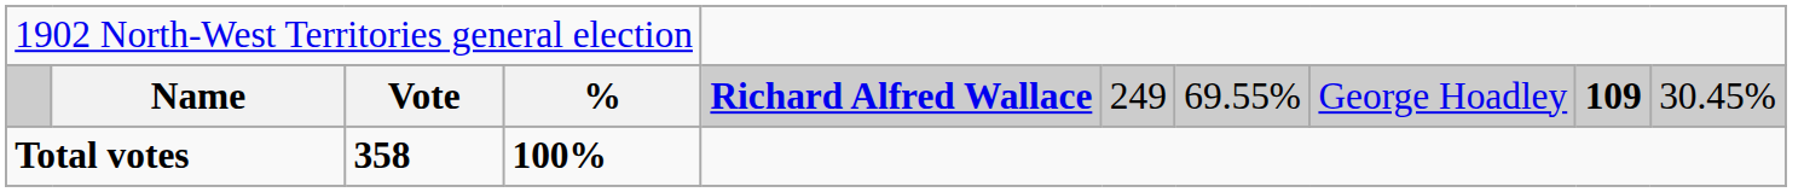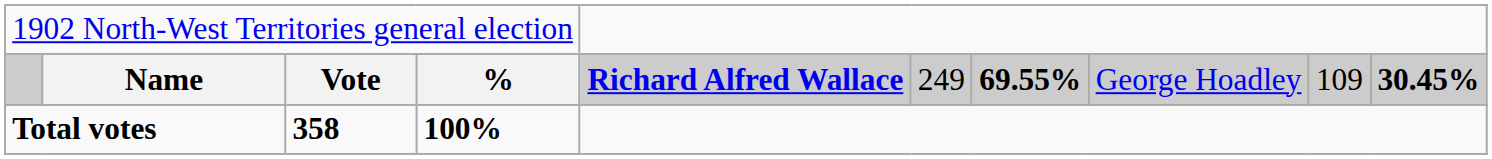 <table class="wikitable">
 <tr>
 <td colspan=4 align=center><a href='#'>1902 North-West Territories general election</a></td>
 </tr>
 <tr bgcolor="CCCCCC">
 <td></td>
 <th>Name</th>
 <th>Vote</th>
 <th>%<br></th>
 <td><strong><a href='#'>Richard Alfred Wallace</a></strong></td>
 <td>249</td>
-<td>69.55%<br></td>
+<td><strong>69.55%<br></strong></td>
 <td><a href='#'>George Hoadley</a></td>
-<td><strong>109</strong></td>
-<td>30.45%</td>
+<td>109</td>
+<td><strong>30.45%</strong></td>
 </tr>
 <tr>
 <td colspan=2><strong>Total votes</strong></td>
 <td><strong>358</strong></td>
 <td><strong>100%</strong></td>
 </tr>
 </table>
